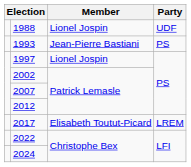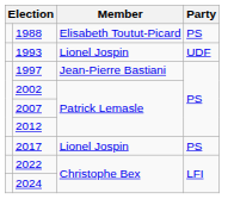 <table class="wikitable">
 <tr>
 <th colspan="2">Election</th>
 <th>Member</th>
 <th>Party</th>
 </tr>
 <tr>
 <td style="color:inherit;background-color:"></td>
 <td><a href='#'>1988</a></td>
+<td><a href='#'>Elisabeth Toutut-Picard</a></td>
+<td><a href='#'>PS</a></td>
+</tr>
+<tr>
+<td style="color:inherit;background-color:"></td>
+<td><a href='#'>1993</a></td>
 <td><a href='#'>Lionel Jospin</a></td>
 <td><a href='#'>UDF</a></td>
 </tr>
 <tr>
-<td style="color:inherit;background-color:"></td>
-<td><a href='#'>1993</a></td>
-<td><a href='#'>Jean-Pierre Bastiani</a></td>
-<td><a href='#'>PS</a></td>
-</tr>
-<tr>
 <td rowspan="4" style="color:inherit;background-color:"></td>
 <td><a href='#'>1997</a></td>
-<td><a href='#'>Lionel Jospin</a></td>
+<td><a href='#'>Jean-Pierre Bastiani</a></td>
 <td rowspan="4"><a href='#'>PS</a></td>
 </tr>
 <tr>
 <td><a href='#'>2002</a></td>
 <td rowspan="3"><a href='#'>Patrick Lemasle</a></td>
 </tr>
 <tr>
 <td><a href='#'>2007</a></td>
 </tr>
 <tr>
 <td><a href='#'>2012</a></td>
 </tr>
 <tr>
 <td style="color:inherit;background-color: "></td>
 <td><a href='#'>2017</a></td>
-<td><a href='#'>Elisabeth Toutut-Picard</a></td>
-<td><a href='#'>LREM</a></td>
+<td><a href='#'>Lionel Jospin</a></td>
+<td><a href='#'>PS</a></td>
 </tr>
 <tr>
 <td style="color:inherit;background-color: "></td>
 <td><a href='#'>2022</a></td>
 <td rowspan="2"><a href='#'>Christophe Bex</a></td>
 <td rowspan="2"><a href='#'>LFI</a></td>
 </tr>
 <tr>
 <td style="color:inherit;background-color: "></td>
 <td><a href='#'>2024</a></td>
 </tr>
 </table>
